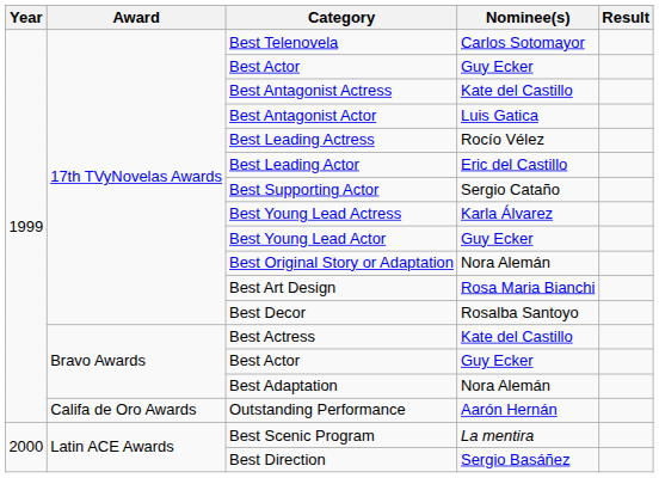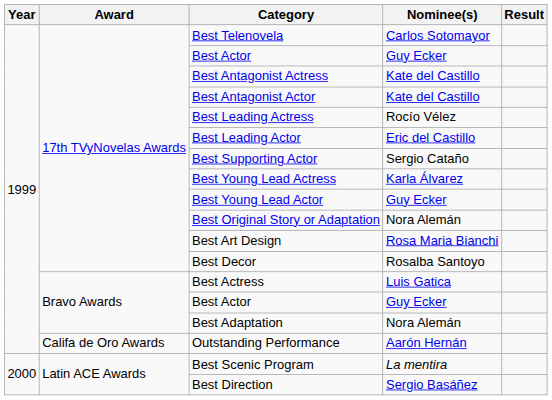 <table class="wikitable">
 <tr style="background:#b0c4de;">
 <th>Year</th>
 <th>Award</th>
 <th>Category</th>
 <th>Nominee(s)</th>
 <th>Result</th>
 </tr>
 <tr>
 <td rowspan=16>1999</td>
 <td rowspan=12><a href='#'>17th TVyNovelas Awards</a></td>
 <td><a href='#'>Best Telenovela</a></td>
 <td><a href='#'>Carlos Sotomayor</a></td>
 <td></td>
 </tr>
 <tr>
 <td><a href='#'>Best Actor</a></td>
 <td><a href='#'>Guy Ecker</a></td>
 <td></td>
 </tr>
 <tr>
 <td><a href='#'>Best Antagonist Actress</a></td>
 <td><a href='#'>Kate del Castillo</a></td>
 <td></td>
 </tr>
 <tr>
 <td><a href='#'>Best Antagonist Actor</a></td>
-<td><a href='#'>Luis Gatica</a></td>
+<td><a href='#'>Kate del Castillo</a></td>
 <td></td>
 </tr>
 <tr>
 <td><a href='#'>Best Leading Actress</a></td>
 <td>Rocío Vélez</td>
 <td></td>
 </tr>
 <tr>
 <td><a href='#'>Best Leading Actor</a></td>
 <td><a href='#'>Eric del Castillo</a></td>
 <td></td>
 </tr>
 <tr>
 <td><a href='#'>Best Supporting Actor</a></td>
 <td>Sergio Cataño</td>
 <td></td>
 </tr>
 <tr>
 <td><a href='#'>Best Young Lead Actress</a></td>
 <td><a href='#'>Karla Álvarez</a></td>
 <td></td>
 </tr>
 <tr>
 <td><a href='#'>Best Young Lead Actor</a></td>
 <td><a href='#'>Guy Ecker</a></td>
 <td></td>
 </tr>
 <tr>
 <td><a href='#'>Best Original Story or Adaptation</a></td>
 <td>Nora Alemán</td>
 <td></td>
 </tr>
 <tr>
 <td>Best Art Design</td>
 <td><a href='#'>Rosa Maria Bianchi</a></td>
 <td></td>
 </tr>
 <tr>
 <td>Best Decor</td>
 <td>Rosalba Santoyo</td>
 <td></td>
 </tr>
 <tr>
 <td rowspan=3>Bravo Awards</td>
 <td>Best Actress</td>
-<td><a href='#'>Kate del Castillo</a></td>
+<td><a href='#'>Luis Gatica</a></td>
 <td></td>
 </tr>
 <tr>
 <td>Best Actor</td>
 <td><a href='#'>Guy Ecker</a></td>
 <td></td>
 </tr>
 <tr>
 <td>Best Adaptation</td>
 <td>Nora Alemán</td>
 <td></td>
 </tr>
 <tr>
 <td>Califa de Oro Awards</td>
 <td>Outstanding Performance</td>
 <td><a href='#'>Aarón Hernán</a></td>
 <td></td>
 </tr>
 <tr>
 <td rowspan=2>2000</td>
 <td rowspan=2>Latin ACE Awards</td>
 <td>Best Scenic Program</td>
 <td><em>La mentira</em></td>
 <td></td>
 </tr>
 <tr>
 <td>Best Direction</td>
 <td><a href='#'>Sergio Basáñez</a></td>
 <td></td>
 </tr>
 </table>
